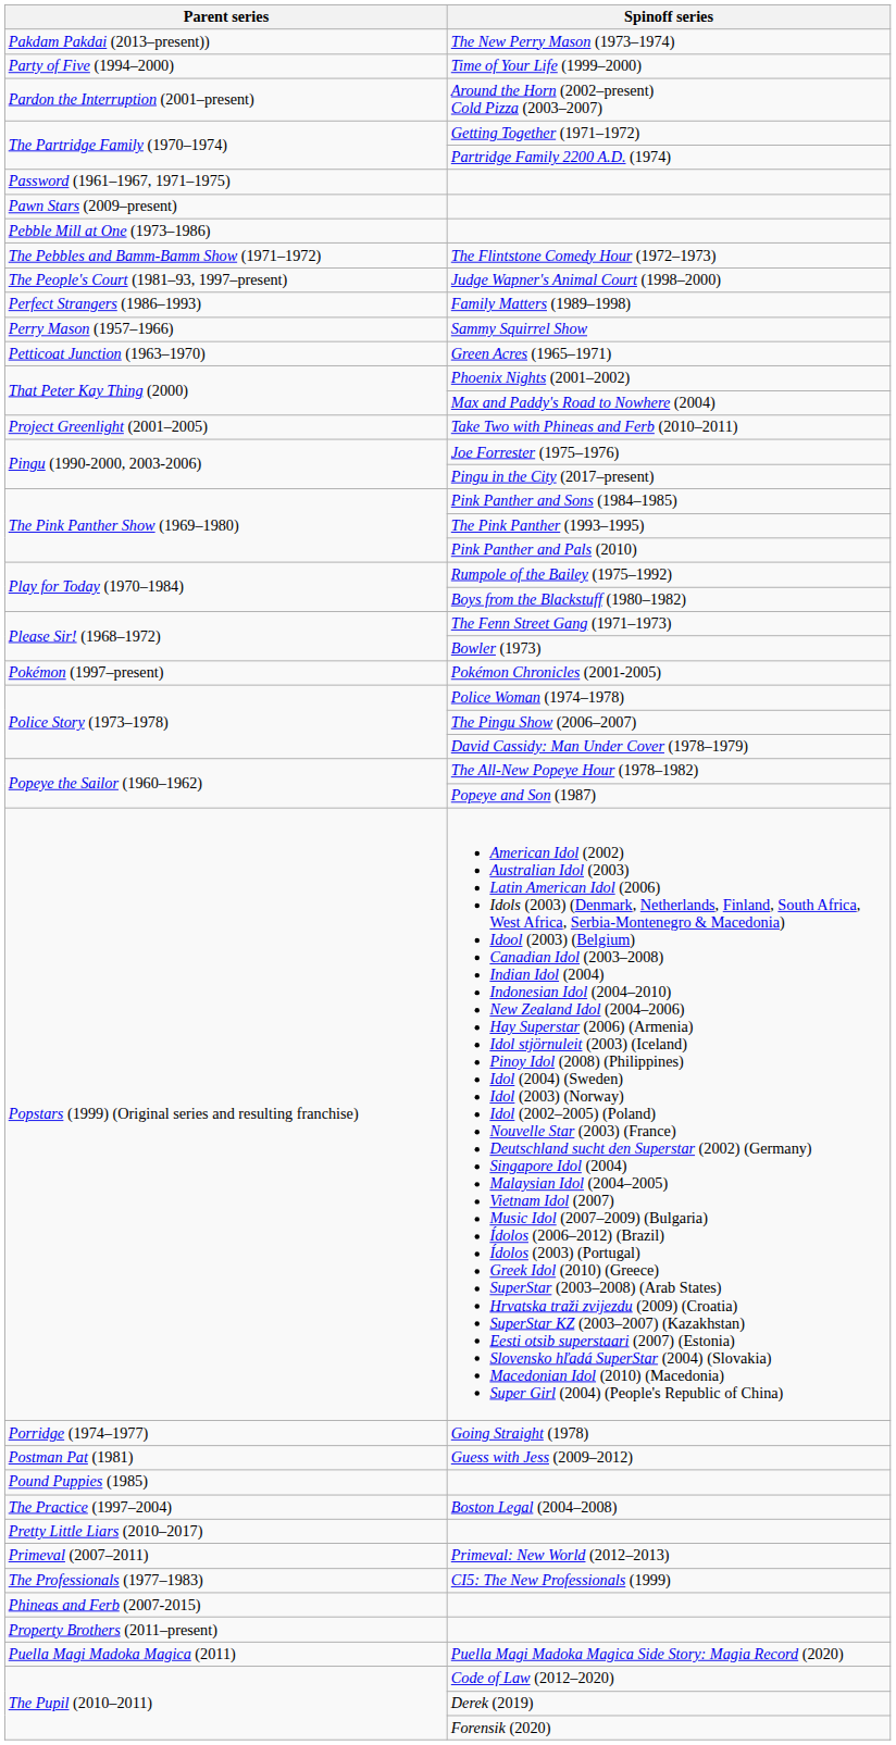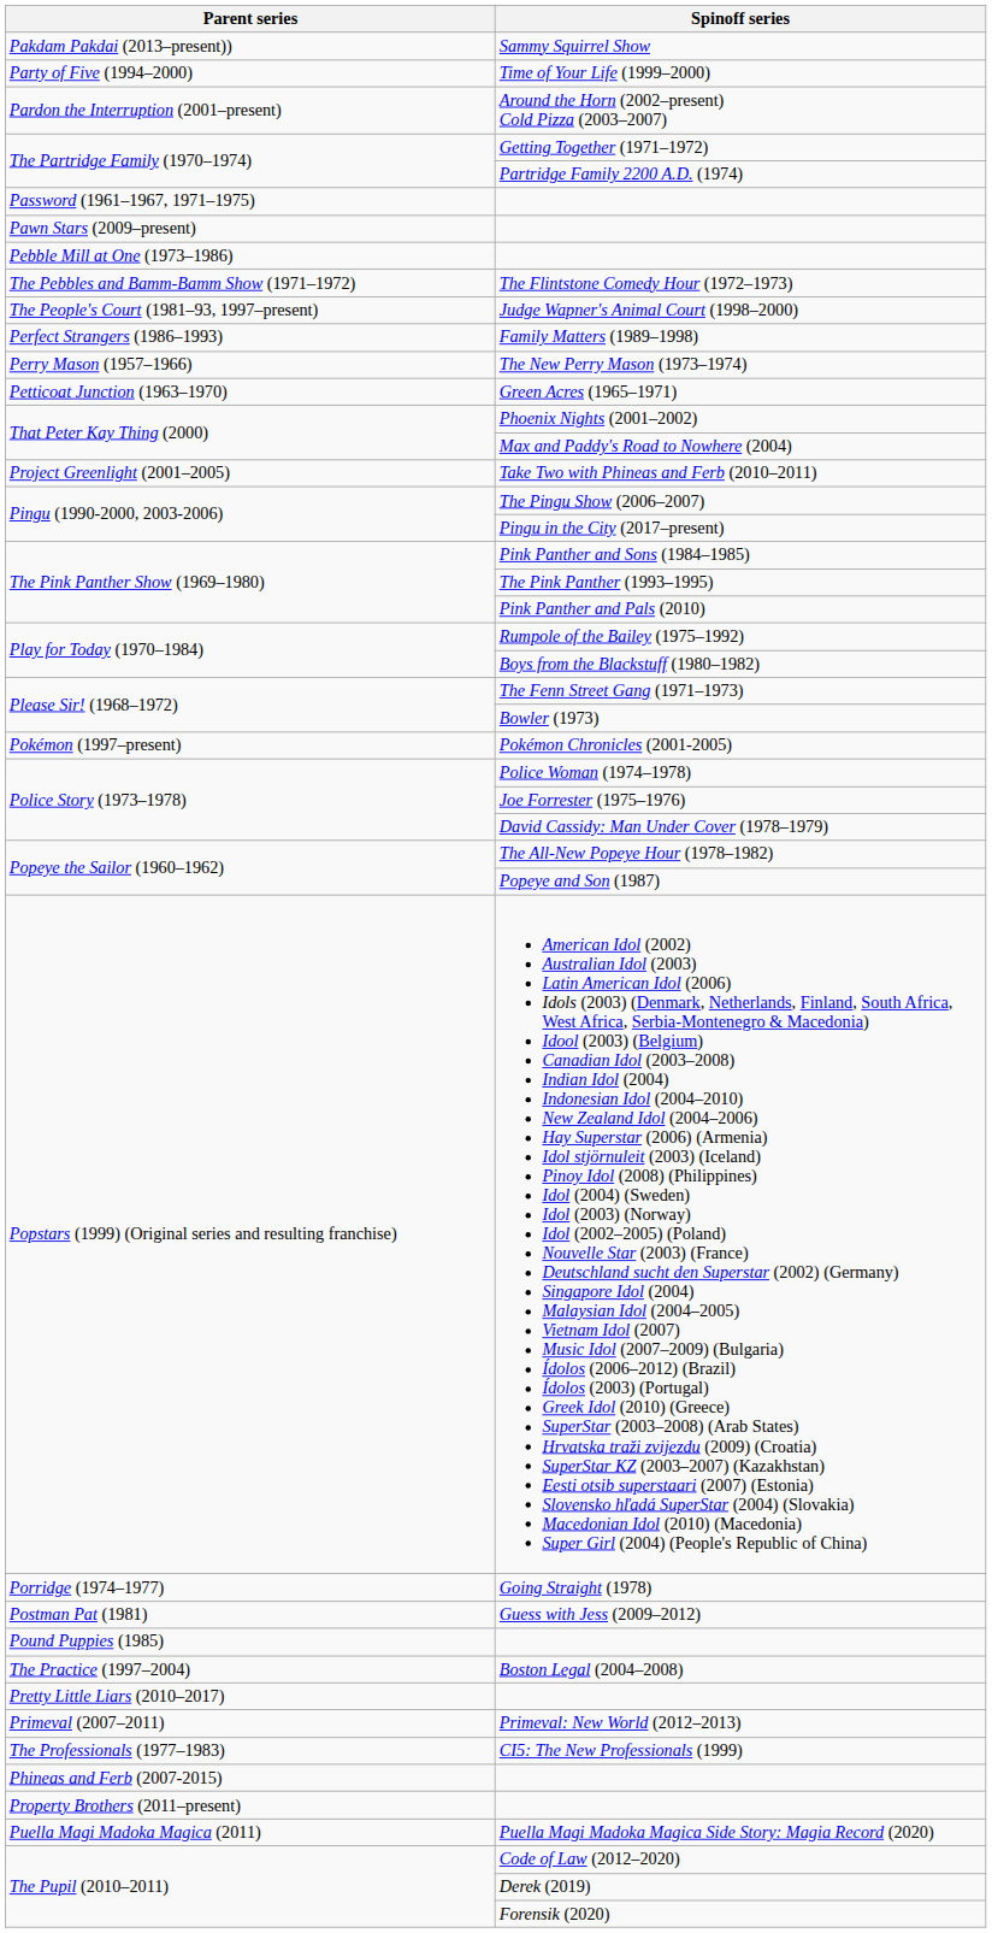 <table class="wikitable">
 <tr>
 <th width="450">Parent series</th>
 <th width="450">Spinoff series</th>
 </tr>
 <tr>
 <td><em><a href='#'>Pakdam Pakdai</a></em> (2013–present))</td>
-<td><em><a href='#'>The New Perry Mason</a></em> (1973–1974)</td>
+<td><em><a href='#'>Sammy Squirrel Show</a></em></td>
 </tr>
 <tr>
 <td><em><a href='#'>Party of Five</a></em> (1994–2000)</td>
 <td><em><a href='#'>Time of Your Life</a></em> (1999–2000)</td>
 </tr>
 <tr>
 <td><em><a href='#'>Pardon the Interruption</a></em> (2001–present)</td>
 <td><em><a href='#'>Around the Horn</a></em> (2002–present)<br><em><a href='#'>Cold Pizza</a></em> (2003–2007)</td>
 </tr>
 <tr>
 <td rowspan="2"><em><a href='#'>The Partridge Family</a></em> (1970–1974)</td>
 <td><em><a href='#'>Getting Together</a></em> (1971–1972)</td>
 </tr>
 <tr>
 <td><em><a href='#'>Partridge Family 2200 A.D.</a></em> (1974)</td>
 </tr>
 <tr>
 <td><em><a href='#'>Password</a></em> (1961–1967, 1971–1975)</td>
 <td></td>
 </tr>
 <tr>
 <td><em><a href='#'>Pawn Stars</a></em> (2009–present)</td>
 <td></td>
 </tr>
 <tr>
 <td><em><a href='#'>Pebble Mill at One</a></em> (1973–1986)</td>
 <td></td>
 </tr>
 <tr>
 <td><em><a href='#'>The Pebbles and Bamm-Bamm Show</a></em> (1971–1972)</td>
 <td><em><a href='#'>The Flintstone Comedy Hour</a></em> (1972–1973)</td>
 </tr>
 <tr>
 <td><em><a href='#'>The People's Court</a></em> (1981–93, 1997–present)</td>
 <td><em><a href='#'>Judge Wapner's Animal Court</a></em> (1998–2000)</td>
 </tr>
 <tr>
 <td><em><a href='#'>Perfect Strangers</a></em> (1986–1993)</td>
 <td><em><a href='#'>Family Matters</a></em> (1989–1998)</td>
 </tr>
 <tr>
 <td><em><a href='#'>Perry Mason</a></em> (1957–1966)</td>
-<td><em><a href='#'>Sammy Squirrel Show</a></em></td>
+<td><em><a href='#'>The New Perry Mason</a></em> (1973–1974)</td>
 </tr>
 <tr>
 <td><em><a href='#'>Petticoat Junction</a></em> (1963–1970)</td>
 <td><em><a href='#'>Green Acres</a></em> (1965–1971)</td>
 </tr>
 <tr>
 <td rowspan="2"><em><a href='#'>That Peter Kay Thing</a></em> (2000)</td>
 <td><em><a href='#'>Phoenix Nights</a></em> (2001–2002)</td>
 </tr>
 <tr>
 <td><em><a href='#'>Max and Paddy's Road to Nowhere</a></em> (2004)</td>
 </tr>
 <tr>
 <td><em><a href='#'>Project Greenlight</a></em> (2001–2005)</td>
 <td><em><a href='#'>Take Two with Phineas and Ferb</a></em> (2010–2011)</td>
 </tr>
 <tr>
 <td rowspan="2"><em><a href='#'>Pingu</a></em> (1990-2000, 2003-2006)</td>
-<td><em><a href='#'>Joe Forrester</a></em> (1975–1976)</td>
+<td><em><a href='#'>The Pingu Show</a></em> (2006–2007)</td>
 </tr>
 <tr>
 <td><em><a href='#'>Pingu in the City</a></em> (2017–present)</td>
 </tr>
 <tr>
 <td rowspan="3"><em><a href='#'>The Pink Panther Show</a></em> (1969–1980)</td>
 <td><em><a href='#'>Pink Panther and Sons</a></em> (1984–1985)</td>
 </tr>
 <tr>
 <td><em><a href='#'>The Pink Panther</a></em> (1993–1995)</td>
 </tr>
 <tr>
 <td><em><a href='#'>Pink Panther and Pals</a></em> (2010)</td>
 </tr>
 <tr>
 <td rowspan="2"><em><a href='#'>Play for Today</a></em> (1970–1984)</td>
 <td><em><a href='#'>Rumpole of the Bailey</a></em> (1975–1992)</td>
 </tr>
 <tr>
 <td><em><a href='#'>Boys from the Blackstuff</a></em> (1980–1982)</td>
 </tr>
 <tr>
 <td rowspan="2"><em><a href='#'>Please Sir!</a></em> (1968–1972)</td>
 <td><em><a href='#'>The Fenn Street Gang</a></em> (1971–1973)</td>
 </tr>
 <tr>
 <td><em><a href='#'>Bowler</a></em> (1973)</td>
 </tr>
 <tr>
 <td><em><a href='#'>Pokémon</a></em> (1997–present)</td>
 <td><em><a href='#'>Pokémon Chronicles</a></em> (2001-2005)</td>
 </tr>
 <tr>
 <td rowspan="3"><em><a href='#'>Police Story</a></em> (1973–1978)</td>
 <td><em><a href='#'>Police Woman</a></em> (1974–1978)</td>
 </tr>
 <tr>
-<td><em><a href='#'>The Pingu Show</a></em> (2006–2007)</td>
+<td><em><a href='#'>Joe Forrester</a></em> (1975–1976)</td>
 </tr>
 <tr>
 <td><em><a href='#'>David Cassidy: Man Under Cover</a></em> (1978–1979)</td>
 </tr>
 <tr>
 <td rowspan="2"><em><a href='#'>Popeye the Sailor</a></em> (1960–1962)</td>
 <td><em><a href='#'>The All-New Popeye Hour</a></em> (1978–1982)</td>
 </tr>
 <tr>
 <td><em><a href='#'>Popeye and Son</a></em> (1987)</td>
 </tr>
 <tr>
 <td><em><a href='#'>Popstars</a></em> (1999) (Original series and resulting franchise)</td>
 <td><br><ul><li><em><a href='#'>American Idol</a></em> (2002)</li><li><em><a href='#'>Australian Idol</a></em> (2003)</li><li><em><a href='#'>Latin American Idol</a></em> (2006)</li><li><em>Idols</em> (2003) (<a href='#'>Denmark</a>, <a href='#'>Netherlands</a>, <a href='#'>Finland</a>, <a href='#'>South Africa</a>, <a href='#'>West Africa</a>, <a href='#'>Serbia-Montenegro & Macedonia</a>)</li><li><em><a href='#'>Idool</a></em> (2003) (<a href='#'>Belgium</a>)</li><li><em><a href='#'>Canadian Idol</a></em> (2003–2008)</li><li><em><a href='#'>Indian Idol</a></em> (2004)</li><li><em><a href='#'>Indonesian Idol</a></em> (2004–2010)</li><li><em><a href='#'>New Zealand Idol</a></em> (2004–2006)</li><li><em><a href='#'>Hay Superstar</a></em> (2006) (Armenia)</li><li><em><a href='#'>Idol stjörnuleit</a></em> (2003) (Iceland)</li><li><em><a href='#'>Pinoy Idol</a></em> (2008) (Philippines)</li><li><em><a href='#'>Idol</a></em> (2004) (Sweden)</li><li><em><a href='#'>Idol</a></em> (2003) (Norway)</li><li><em><a href='#'>Idol</a></em> (2002–2005) (Poland)</li><li><em><a href='#'>Nouvelle Star</a></em> (2003) (France)</li><li><em><a href='#'>Deutschland sucht den Superstar</a></em> (2002) (Germany)</li><li><em><a href='#'>Singapore Idol</a></em> (2004)</li><li><em><a href='#'>Malaysian Idol</a></em> (2004–2005)</li><li><em><a href='#'>Vietnam Idol</a></em> (2007)</li><li><em><a href='#'>Music Idol</a></em> (2007–2009) (Bulgaria)</li><li><em><a href='#'>Ídolos</a></em> (2006–2012) (Brazil)</li><li><em><a href='#'>Ídolos</a></em> (2003) (Portugal)</li><li><em><a href='#'>Greek Idol</a></em> (2010) (Greece)</li><li><em><a href='#'>SuperStar</a></em> (2003–2008) (Arab States)</li><li><em><a href='#'>Hrvatska traži zvijezdu</a></em> (2009) (Croatia)</li><li><em><a href='#'>SuperStar KZ</a></em> (2003–2007) (Kazakhstan)</li><li><em><a href='#'>Eesti otsib superstaari</a></em> (2007) (Estonia)</li><li><em><a href='#'>Slovensko hľadá SuperStar</a></em> (2004) (Slovakia)</li><li><em><a href='#'>Macedonian Idol</a></em> (2010) (Macedonia)</li><li><em><a href='#'>Super Girl</a></em> (2004) (People's Republic of China)</li></ul></td>
 </tr>
 <tr>
 <td><em><a href='#'>Porridge</a></em> (1974–1977)</td>
 <td><em><a href='#'>Going Straight</a></em> (1978)</td>
 </tr>
 <tr>
 <td><em><a href='#'>Postman Pat</a></em> (1981)</td>
 <td><em><a href='#'>Guess with Jess</a></em> (2009–2012)</td>
 </tr>
 <tr>
 <td><em><a href='#'>Pound Puppies</a></em> (1985)</td>
 <td></td>
 </tr>
 <tr>
 <td><em><a href='#'>The Practice</a></em> (1997–2004)</td>
 <td><em><a href='#'>Boston Legal</a></em> (2004–2008)</td>
 </tr>
 <tr>
 <td><em><a href='#'>Pretty Little Liars</a></em> (2010–2017)</td>
 <td></td>
 </tr>
 <tr>
 <td><em><a href='#'>Primeval</a></em> (2007–2011)</td>
 <td><em><a href='#'>Primeval: New World</a></em> (2012–2013)</td>
 </tr>
 <tr>
 <td><em><a href='#'>The Professionals</a></em> (1977–1983)</td>
 <td><em><a href='#'>CI5: The New Professionals</a></em> (1999)</td>
 </tr>
 <tr>
 <td><em><a href='#'>Phineas and Ferb</a></em> (2007-2015)</td>
 <td></td>
 </tr>
 <tr>
 <td><em><a href='#'>Property Brothers</a></em> (2011–present)</td>
 <td></td>
 </tr>
 <tr>
 <td><em><a href='#'>Puella Magi Madoka Magica</a></em> (2011)</td>
 <td><em><a href='#'>Puella Magi Madoka Magica Side Story: Magia Record</a></em> (2020)</td>
 </tr>
 <tr>
 <td rowspan="3"><em><a href='#'>The Pupil</a></em> (2010–2011)</td>
 <td><em><a href='#'>Code of Law</a></em> (2012–2020)</td>
 </tr>
 <tr>
 <td><em>Derek</em> (2019)</td>
 </tr>
 <tr>
 <td><em>Forensik</em> (2020)</td>
 </tr>
 </table>
